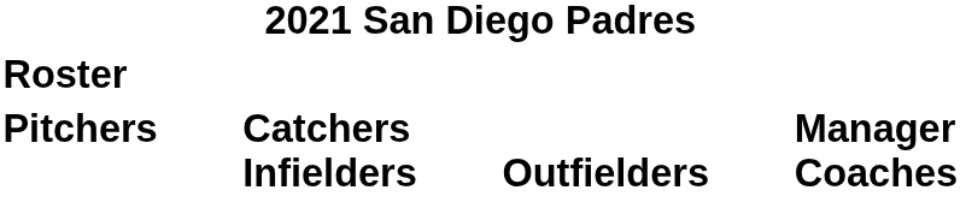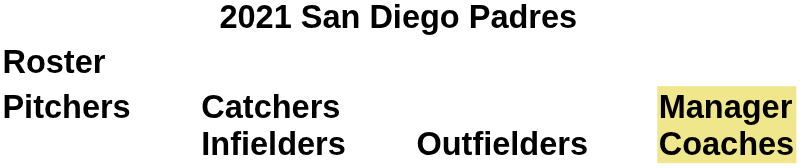 <table class="toccolours" style="font-size: 95%;">
 <tr>
 <th colspan="10">2021 San Diego Padres</th>
 </tr>
 <tr>
 <td colspan="10"><strong>Roster</strong></td>
 </tr>
 <tr>
 <td valign="top"><strong>Pitchers</strong><br>                                </td>
 <td width="25px"></td>
 <td valign="top"><strong>Catchers</strong><br>    <strong>Infielders</strong>       </td>
 <td width="25px"></td>
 <td valign="top"><br><strong>Outfielders</strong>          </td>
 <td width="25px"></td>
-<td valign="top"><strong>Manager</strong><br> <strong>Coaches</strong>                      </td>
+<td valign="top" style="background: khaki;"><strong>Manager</strong><br> <strong>Coaches</strong>                      </td>
 </tr>
 </table>
